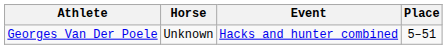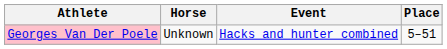 <table class="wikitable sortable" style="text-align:center; font-size:90%">
 <tr>
 <th>Athlete</th>
 <th>Horse</th>
 <th>Event</th>
 <th>Place</th>
 </tr>
 <tr>
-<td align=left><a href='#'>Georges Van Der Poele</a></td>
+<td align=left style="background: pink;"><a href='#'>Georges Van Der Poele</a></td>
 <td align="left">Unknown</td>
 <td align="left"><a href='#'>Hacks and hunter combined</a></td>
 <td>5–51</td>
 </tr>
 </table>
